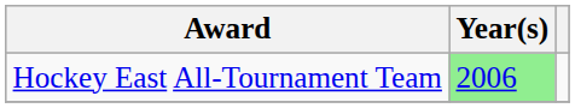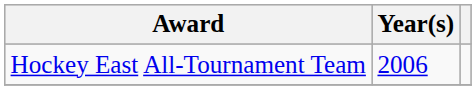 <table class="wikitable">
 <tr>
 <th>Award</th>
 <th>Year(s)</th>
 <th></th>
 </tr>
 <tr>
 <td><a href='#'>Hockey East</a> <a href='#'>All-Tournament Team</a></td>
-<td style="background: lightgreen;"><a href='#'>2006</a></td>
+<td><a href='#'>2006</a></td>
 <td></td>
 </tr>
 <tr>
 </tr>
 </table>
